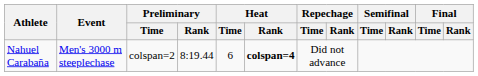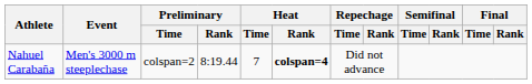 <table class="wikitable" style="font-size:90%">
 <tr>
 <th rowspan=2>Athlete</th>
 <th rowspan=2>Event</th>
 <th colspan=2>Preliminary</th>
 <th colspan=2>Heat</th>
 <th colspan=2>Repechage</th>
 <th colspan=2>Semifinal</th>
 <th colspan=2>Final</th>
 </tr>
 <tr style=font-size:95%>
 <th>Time</th>
 <th>Rank</th>
 <th>Time</th>
 <th>Rank</th>
 <th>Time</th>
 <th>Rank</th>
 <th>Time</th>
 <th>Rank</th>
 <th>Time</th>
 <th>Rank</th>
 </tr>
 <tr align=center>
 <td align=left><a href='#'>Nahuel Carabaña</a></td>
 <td align=left><a href='#'>Men's 3000 m steeplechase</a></td>
 <td>colspan=2 </td>
 <td>8:19.44</td>
-<td>6</td>
+<td>7</td>
 <td><strong>colspan=4 </strong></td>
 <td colspan=2>Did not advance</td>
 </tr>
 </table>
